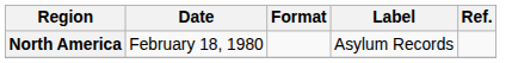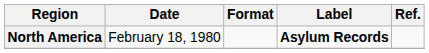 <table class="wikitable plainrowheaders">
 <tr>
 <th scope="col">Region</th>
 <th scope="col">Date</th>
 <th scope="col">Format</th>
 <th scope="col">Label</th>
 <th scope="col">Ref.</th>
 </tr>
 <tr>
 <th scope="row">North America</th>
 <td>February 18, 1980</td>
 <td></td>
-<td>Asylum Records</td>
+<td><strong>Asylum Records</strong></td>
 <td></td>
 </tr>
 <tr>
 </tr>
 </table>
